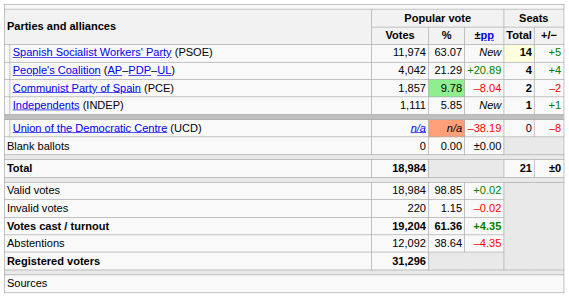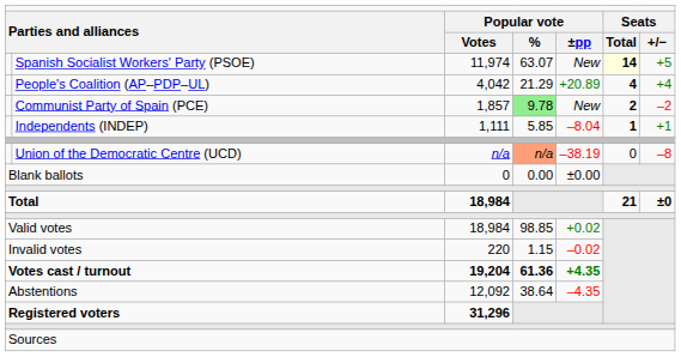 <table class="wikitable" style="text-align:right;">
 <tr>
 <td colspan="7"></td>
 </tr>
 <tr>
 <th style="text-align:left;" rowspan="2" colspan="2" width="525">Parties and alliances</th>
 <th colspan="3">Popular vote</th>
 <th colspan="2">Seats</th>
 </tr>
 <tr>
 <th width="75">Votes</th>
 <th width="45">%</th>
 <th width="45">±<a href='#'>pp</a></th>
 <th width="35">Total</th>
 <th width="35">+/−</th>
 </tr>
 <tr>
 <td width="1" style="color:inherit;background:"></td>
 <td align="left"><a href='#'>Spanish Socialist Workers' Party</a> (PSOE)</td>
 <td>11,974</td>
 <td>63.07</td>
 <td><em>New</em></td>
 <td style="background: lightyellow;"><strong>14</strong></td>
 <td style="color:green;">+5</td>
 </tr>
 <tr>
 <td style="color:inherit;background:"></td>
 <td align="left"><a href='#'>People's Coalition</a> (<a href='#'>AP</a>–<a href='#'>PDP</a>–<a href='#'>UL</a>)</td>
 <td>4,042</td>
 <td>21.29</td>
 <td style="color:green;">+20.89</td>
 <td><strong>4</strong></td>
 <td style="color:green;">+4</td>
 </tr>
 <tr>
 <td style="color:inherit;background:"></td>
 <td align="left"><a href='#'>Communist Party of Spain</a> (PCE)</td>
 <td>1,857</td>
 <td style="background: lightgreen;">9.78</td>
-<td style="color:red;">–8.04</td>
+<td><em>New</em></td>
 <td><strong>2</strong></td>
 <td style="color:red;">–2</td>
 </tr>
 <tr>
 <td style="color:inherit;background:"></td>
 <td align="left"><a href='#'>Independents</a> (INDEP)</td>
 <td>1,111</td>
 <td>5.85</td>
-<td><em>New</em></td>
+<td style="color:red;">–8.04</td>
 <td><strong>1</strong></td>
 <td style="color:green;">+1</td>
 </tr>
 <tr>
 <td colspan="7" bgcolor="#C0C0C0"></td>
 </tr>
 <tr>
 <td style="color:inherit;background:"></td>
 <td align="left"><a href='#'>Union of the Democratic Centre</a> (UCD)</td>
 <td><em><a href='#'>n/a</a></em></td>
 <td style="background: lightsalmon;"><em>n/a</em></td>
 <td style="color:red;">–38.19</td>
 <td>0</td>
 <td style="color:red;">–8</td>
 </tr>
 <tr>
 <td align="left" colspan="2">Blank ballots</td>
 <td>0</td>
 <td>0.00</td>
 <td>±0.00</td>
 <td bgcolor="#E9E9E9" colspan="2"></td>
 </tr>
 <tr>
 <td colspan="7" bgcolor="#E9E9E9"></td>
 </tr>
 <tr style="font-weight:bold;">
 <td align="left" colspan="2">Total</td>
 <td>18,984</td>
 <td bgcolor="#E9E9E9" colspan="2"></td>
 <td>21</td>
 <td>±0</td>
 </tr>
 <tr>
 <td colspan="7" bgcolor="#E9E9E9"></td>
 </tr>
 <tr>
 <td align="left" colspan="2">Valid votes</td>
 <td>18,984</td>
 <td>98.85</td>
 <td style="color:green;">+0.02</td>
 <td bgcolor="#E9E9E9" colspan="2" rowspan="5"></td>
 </tr>
 <tr>
 <td align="left" colspan="2">Invalid votes</td>
 <td>220</td>
 <td>1.15</td>
 <td style="color:red;">–0.02</td>
 </tr>
 <tr style="font-weight:bold;">
 <td align="left" colspan="2">Votes cast / turnout</td>
 <td>19,204</td>
 <td>61.36</td>
 <td style="color:green;">+4.35</td>
 </tr>
 <tr>
 <td align="left" colspan="2">Abstentions</td>
 <td>12,092</td>
 <td>38.64</td>
 <td style="color:red;">–4.35</td>
 </tr>
 <tr style="font-weight:bold;">
 <td align="left" colspan="2">Registered voters</td>
 <td>31,296</td>
 <td bgcolor="#E9E9E9" colspan="2"></td>
 </tr>
 <tr>
 <td colspan="7" bgcolor="#E9E9E9"></td>
 </tr>
 <tr>
 <td align="left" colspan="7">Sources</td>
 </tr>
 </table>
